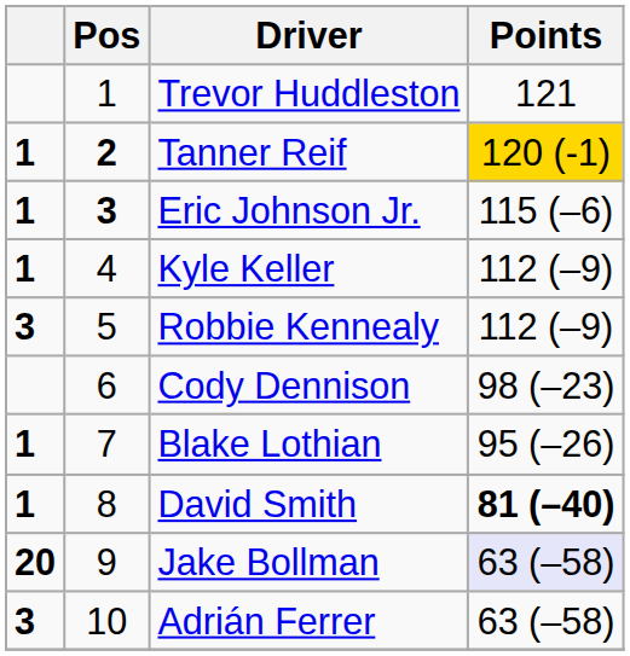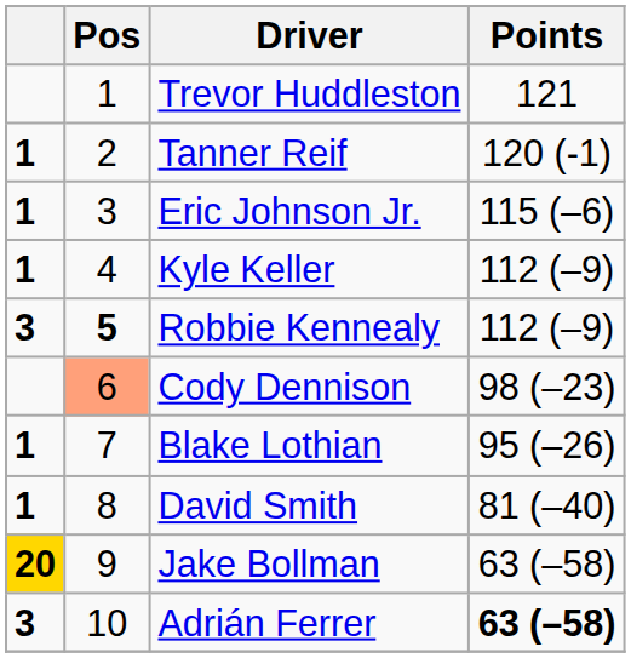 <table class="wikitable" style="font-size: 95%;">
 <tr>
 <th></th>
 <th>Pos</th>
 <th>Driver</th>
 <th>Points</th>
 </tr>
 <tr>
 <td align="left"></td>
 <td style="text-align:center;">1</td>
 <td><a href='#'>Trevor Huddleston</a></td>
 <td style="text-align:center;">121</td>
 </tr>
 <tr>
 <td align="left"> <strong>1</strong></td>
-<td style="text-align:center;"><strong>2</strong></td>
+<td style="text-align:center;">2</td>
 <td><a href='#'>Tanner Reif</a></td>
-<td style="background: gold; text-align:center;">120 (-1)</td>
+<td style="text-align:center;">120 (-1)</td>
 </tr>
 <tr>
 <td align="left"> <strong>1</strong></td>
-<td style="text-align:center;"><strong>3</strong></td>
+<td style="text-align:center;">3</td>
 <td><a href='#'>Eric Johnson Jr.</a></td>
 <td style="text-align:center;">115 (–6)</td>
 </tr>
 <tr>
 <td align="left"> <strong>1</strong></td>
 <td style="text-align:center;">4</td>
 <td><a href='#'>Kyle Keller</a></td>
 <td style="text-align:center;">112 (–9)</td>
 </tr>
 <tr>
 <td align="left"> <strong>3</strong></td>
-<td style="text-align:center;">5</td>
+<td style="text-align:center;"><strong>5</strong></td>
 <td><a href='#'>Robbie Kennealy</a></td>
 <td style="text-align:center;">112 (–9)</td>
 </tr>
 <tr>
 <td align="left"></td>
-<td style="text-align:center;">6</td>
+<td style="background: lightsalmon; text-align:center;">6</td>
 <td><a href='#'>Cody Dennison</a></td>
 <td style="text-align:center;">98 (–23)</td>
 </tr>
 <tr>
 <td align="left"> <strong>1</strong></td>
 <td style="text-align:center;">7</td>
 <td><a href='#'>Blake Lothian</a></td>
 <td style="text-align:center;">95 (–26)</td>
 </tr>
 <tr>
 <td align="left"> <strong>1</strong></td>
 <td style="text-align:center;">8</td>
 <td><a href='#'>David Smith</a></td>
-<td style="text-align:center;"><strong>81 (–40)</strong></td>
+<td style="text-align:center;">81 (–40)</td>
 </tr>
 <tr>
-<td align="left"> <strong>20</strong></td>
+<td align="left" style="background: gold;"> <strong>20</strong></td>
 <td style="text-align:center;">9</td>
 <td><a href='#'>Jake Bollman</a></td>
-<td style="background: lavender; text-align:center;">63 (–58)</td>
+<td style="text-align:center;">63 (–58)</td>
 </tr>
 <tr>
 <td align="left"> <strong>3</strong></td>
 <td style="text-align:center;">10</td>
 <td><a href='#'>Adrián Ferrer</a></td>
-<td style="text-align:center;">63 (–58)</td>
+<td style="text-align:center;"><strong>63 (–58)</strong></td>
 </tr>
 <tr class="sortbottom">
 </tr>
 </table>
